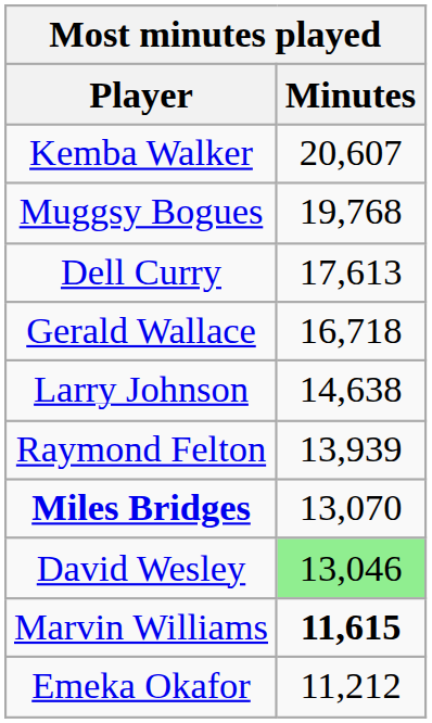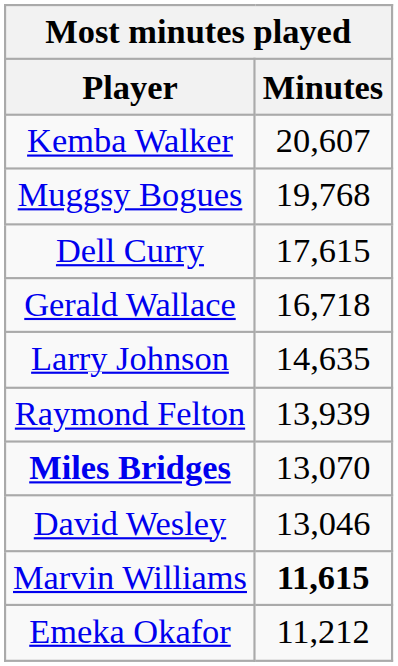 <table class="wikitable sortable" style="text-align:center">
 <tr>
 <th colspan="2" style="text-align:center; ">Most minutes played</th>
 </tr>
 <tr>
 <th style="text-align:center; ">Player</th>
 <th style="text-align:center; ">Minutes</th>
 </tr>
 <tr>
 <td><a href='#'>Kemba Walker</a></td>
 <td>20,607</td>
 </tr>
 <tr>
 <td><a href='#'>Muggsy Bogues</a></td>
 <td>19,768</td>
 </tr>
 <tr>
 <td><a href='#'>Dell Curry</a></td>
-<td>17,613</td>
+<td>17,615</td>
 </tr>
 <tr>
 <td><a href='#'>Gerald Wallace</a></td>
 <td>16,718</td>
 </tr>
 <tr>
 <td><a href='#'>Larry Johnson</a></td>
-<td>14,638</td>
+<td>14,635</td>
 </tr>
 <tr>
 <td><a href='#'>Raymond Felton</a></td>
 <td>13,939</td>
 </tr>
 <tr>
 <td><strong><a href='#'>Miles Bridges</a></strong></td>
 <td>13,070</td>
 </tr>
 <tr>
 <td><a href='#'>David Wesley</a></td>
-<td style="background: lightgreen;">13,046</td>
+<td>13,046</td>
 </tr>
 <tr>
 <td><a href='#'>Marvin Williams</a></td>
 <td><strong>11,615</strong></td>
 </tr>
 <tr>
 <td><a href='#'>Emeka Okafor</a></td>
 <td>11,212</td>
 </tr>
 </table>
